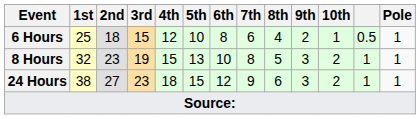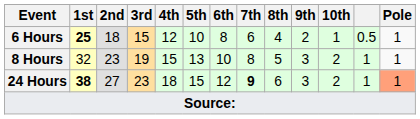 <table class="wikitable" style="font-size:90%; text-align:center;">
 <tr>
 </tr>
 <tr>
 <th>Event</th>
 <th>1st</th>
 <th>2nd</th>
 <th>3rd</th>
 <th>4th</th>
 <th>5th</th>
 <th>6th</th>
 <th>7th</th>
 <th>8th</th>
 <th>9th</th>
 <th>10th</th>
 <th></th>
 <th>Pole</th>
 </tr>
 <tr>
 <th>6 Hours</th>
-<td style="background:#FFFFBF;">25</td>
+<td style="background:#FFFFBF;"><strong>25</strong></td>
 <td style="background:#DFDFDF;">18</td>
 <td style="background:#FFDF9F;">15</td>
 <td style="background:#DFFFDF;">12</td>
 <td style="background:#DFFFDF;">10</td>
 <td style="background:#DFFFDF;">8</td>
 <td style="background:#DFFFDF;">6</td>
 <td style="background:#DFFFDF;">4</td>
 <td style="background:#DFFFDF;">2</td>
 <td style="background:#DFFFDF;">1</td>
 <td style="background:#DFFFDF;">0.5</td>
 <td>1</td>
 </tr>
 <tr>
 <th>8 Hours</th>
 <td style="background:#FFFFBF;">32</td>
 <td style="background:#DFDFDF;">23</td>
 <td style="background:#FFDF9F;">19</td>
 <td style="background:#DFFFDF;">15</td>
 <td style="background:#DFFFDF;">13</td>
 <td style="background:#DFFFDF;">10</td>
 <td style="background:#DFFFDF;">8</td>
 <td style="background:#DFFFDF;">5</td>
 <td style="background:#DFFFDF;">3</td>
 <td style="background:#DFFFDF;">2</td>
 <td style="background:#DFFFDF;">1</td>
 <td>1</td>
 </tr>
 <tr>
 <th>24 Hours</th>
-<td style="background:#FFFFBF;">38</td>
+<td style="background:#FFFFBF;"><strong>38</strong></td>
 <td style="background:#DFDFDF;">27</td>
 <td style="background:#FFDF9F;">23</td>
 <td style="background:#DFFFDF;">18</td>
 <td style="background:#DFFFDF;">15</td>
 <td style="background:#DFFFDF;">12</td>
-<td style="background:#DFFFDF;">9</td>
+<td style="background:#DFFFDF;"><strong>9</strong></td>
 <td style="background:#DFFFDF;">6</td>
 <td style="background:#DFFFDF;">3</td>
 <td style="background:#DFFFDF;">2</td>
 <td style="background:#DFFFDF;">1</td>
-<td>1</td>
+<td style="background: lightsalmon;">1</td>
 </tr>
 <tr class="sortbottom">
 <td colspan="13" style="background-color:#EAECF0;text-align:center"><strong>Source:</strong></td>
 </tr>
 </table>
